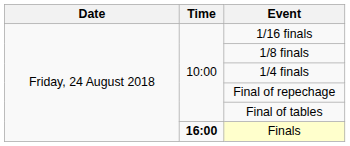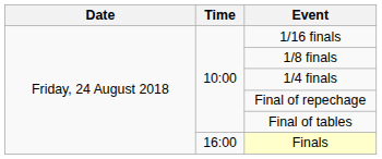 <table class = "wikitable" style="text-align:center;">
 <tr>
 <th width=220>Date</th>
 <th width=50>Time</th>
 <th width=150>Event</th>
 </tr>
 <tr>
 <td rowspan=6>Friday, 24 August 2018</td>
 <td rowspan=5>10:00</td>
 <td>1/16 finals</td>
 </tr>
 <tr>
 <td>1/8 finals</td>
 </tr>
 <tr>
 <td>1/4 finals</td>
 </tr>
 <tr>
 <td>Final of repechage</td>
 </tr>
 <tr>
 <td>Final of tables</td>
 </tr>
 <tr>
-<td><strong>16:00</strong></td>
+<td>16:00</td>
 <td bgcolor=ffffcc>Finals</td>
 </tr>
 </table>
